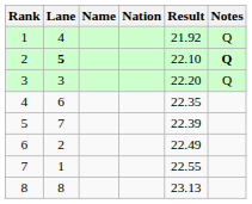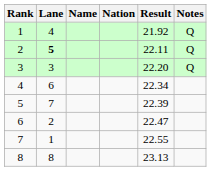 <table class="wikitable" style="text-align:center">
 <tr>
 <th>Rank</th>
 <th>Lane</th>
 <th>Name</th>
 <th>Nation</th>
 <th>Result</th>
 <th>Notes</th>
 </tr>
 <tr bgcolor="ccffcc">
 <td>1</td>
 <td>4</td>
 <td align="left"></td>
 <td align=left></td>
 <td>21.92</td>
 <td>Q</td>
 </tr>
 <tr bgcolor="ccffcc">
 <td>2</td>
 <td><strong>5</strong></td>
 <td align="left"></td>
 <td align=left></td>
-<td>22.10</td>
-<td><strong>Q</strong></td>
+<td>22.11</td>
+<td>Q</td>
 </tr>
 <tr bgcolor="ccffcc">
 <td>3</td>
 <td>3</td>
 <td align="left"></td>
 <td align=left></td>
 <td>22.20</td>
 <td>Q</td>
 </tr>
 <tr>
 <td>4</td>
 <td>6</td>
 <td align="left"></td>
 <td align=left></td>
-<td>22.35</td>
+<td>22.34</td>
 <td></td>
 </tr>
 <tr>
 <td>5</td>
 <td>7</td>
 <td align="left"></td>
 <td align=left></td>
 <td>22.39</td>
 <td></td>
 </tr>
 <tr>
 <td>6</td>
 <td>2</td>
 <td align="left"></td>
 <td align=left></td>
-<td>22.49</td>
+<td>22.47</td>
 <td></td>
 </tr>
 <tr>
 <td>7</td>
 <td>1</td>
 <td align="left"></td>
 <td align=left></td>
 <td>22.55</td>
 <td></td>
 </tr>
 <tr>
 <td>8</td>
 <td>8</td>
 <td align="left"></td>
 <td align=left></td>
 <td>23.13</td>
 <td></td>
 </tr>
 </table>
